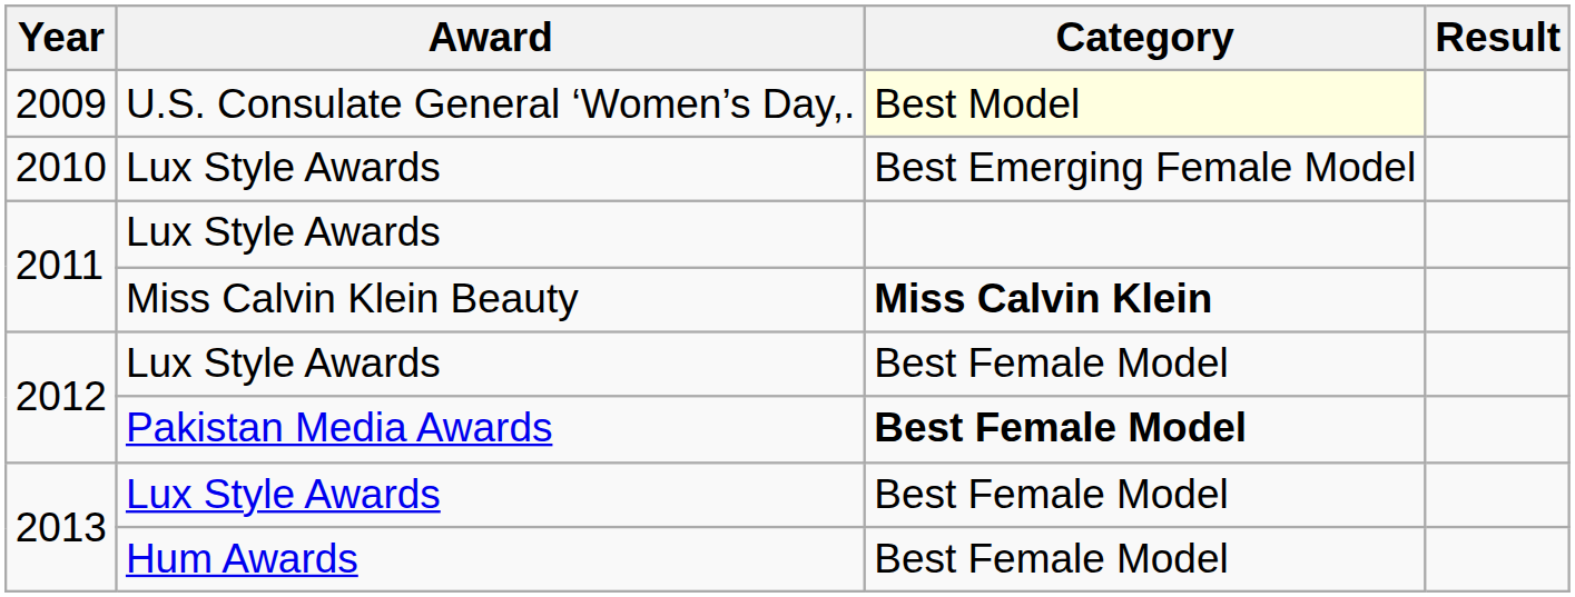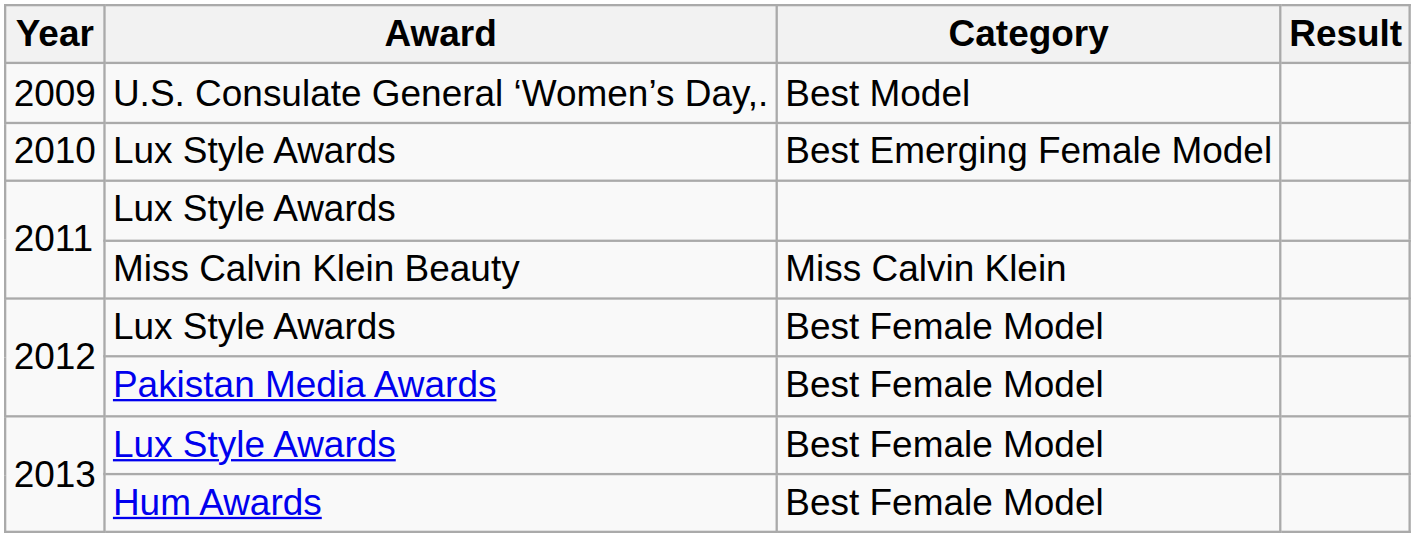 <table class="wikitable">
 <tr>
 <th>Year</th>
 <th>Award</th>
 <th>Category</th>
 <th>Result</th>
 </tr>
 <tr>
 <td>2009</td>
 <td>U.S. Consulate General ‘Women’s Day,.</td>
-<td style="background: lightyellow;">Best Model</td>
+<td>Best Model</td>
 <td></td>
 </tr>
 <tr>
 <td>2010</td>
 <td>Lux Style Awards</td>
 <td>Best Emerging Female Model</td>
 <td></td>
 </tr>
 <tr>
 <td rowspan="2">2011</td>
 <td>Lux Style Awards</td>
 <td></td>
 </tr>
 <tr>
 <td>Miss Calvin Klein Beauty</td>
-<td><strong>Miss Calvin Klein</strong></td>
+<td>Miss Calvin Klein</td>
 <td></td>
 </tr>
 <tr>
 <td rowspan="2">2012</td>
 <td>Lux Style Awards</td>
 <td>Best Female Model</td>
 <td></td>
 </tr>
 <tr>
 <td><a href='#'>Pakistan Media Awards</a></td>
-<td><strong>Best Female Model</strong></td>
+<td>Best Female Model</td>
 <td></td>
 </tr>
 <tr>
 <td rowspan="7">2013</td>
 <td><a href='#'>Lux Style Awards</a></td>
 <td>Best Female Model</td>
 <td></td>
 </tr>
 <tr>
 <td><a href='#'>Hum Awards</a></td>
 <td>Best Female Model</td>
 <td></td>
 </tr>
 </table>
